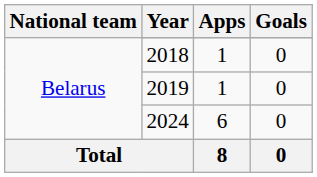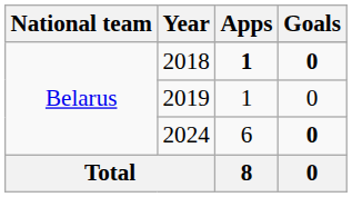 <table class="wikitable" style="text-align:center">
 <tr>
 <th>National team</th>
 <th>Year</th>
 <th>Apps</th>
 <th>Goals</th>
 </tr>
 <tr>
 <td rowspan=4><a href='#'>Belarus</a></td>
 </tr>
 <tr>
 <td>2018</td>
-<td>1</td>
-<td>0</td>
+<td><strong>1</strong></td>
+<td><strong>0</strong></td>
 </tr>
 <tr>
 <td>2019</td>
 <td>1</td>
 <td>0</td>
 </tr>
 <tr>
 <td>2024</td>
 <td>6</td>
-<td>0</td>
+<td><strong>0</strong></td>
 </tr>
 <tr>
 <th colspan="2">Total</th>
 <th>8</th>
 <th>0</th>
 </tr>
 </table>
